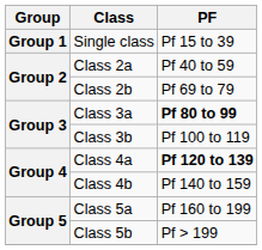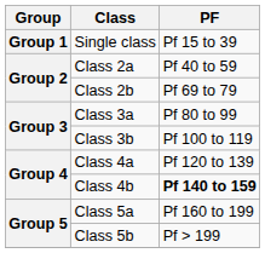 <table class="wikitable" style="font-size:95%">
 <tr>
 <th>Group</th>
 <th>Class</th>
 <th>PF</th>
 </tr>
 <tr>
 <th rowspan=1>Group 1</th>
 <td>Single class</td>
 <td>Pf 15 to 39</td>
 </tr>
 <tr>
 <th rowspan=2>Group 2</th>
 <td>Class 2a</td>
 <td>Pf 40 to 59</td>
 </tr>
 <tr>
 <td>Class 2b</td>
 <td>Pf 69 to 79</td>
 </tr>
 <tr>
 <th rowspan=2>Group 3</th>
 <td>Class 3a</td>
-<td><strong>Pf 80 to 99</strong></td>
+<td>Pf 80 to 99</td>
 </tr>
 <tr>
 <td>Class 3b</td>
 <td>Pf 100 to 119</td>
 </tr>
 <tr>
 <th rowspan=2>Group 4</th>
 <td>Class 4a</td>
-<td><strong>Pf 120 to 139</strong></td>
+<td>Pf 120 to 139</td>
 </tr>
 <tr>
 <td>Class 4b</td>
-<td>Pf 140 to 159</td>
+<td><strong>Pf 140 to 159</strong></td>
 </tr>
 <tr>
 <th rowspan=2>Group 5</th>
 <td>Class 5a</td>
 <td>Pf 160 to 199</td>
 </tr>
 <tr>
 <td>Class 5b</td>
 <td>Pf > 199</td>
 </tr>
 <tr>
 </tr>
 </table>
